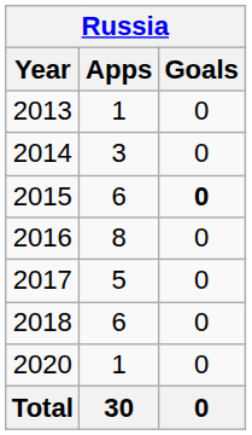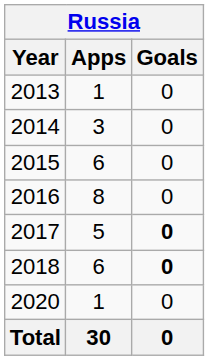 <table class="wikitable" style="text-align:center">
 <tr>
 <th colspan=3><a href='#'>Russia</a></th>
 </tr>
 <tr>
 <th>Year</th>
 <th>Apps</th>
 <th>Goals</th>
 </tr>
 <tr>
 <td>2013</td>
 <td>1</td>
 <td>0</td>
 </tr>
 <tr>
 <td>2014</td>
 <td>3</td>
 <td>0</td>
 </tr>
 <tr>
 <td>2015</td>
 <td>6</td>
-<td><strong>0</strong></td>
+<td>0</td>
 </tr>
 <tr>
 <td>2016</td>
 <td>8</td>
 <td>0</td>
 </tr>
 <tr>
 <td>2017</td>
 <td>5</td>
-<td>0</td>
+<td><strong>0</strong></td>
 </tr>
 <tr>
 <td>2018</td>
 <td>6</td>
-<td>0</td>
+<td><strong>0</strong></td>
 </tr>
 <tr>
 <td>2020</td>
 <td>1</td>
 <td>0</td>
 </tr>
 <tr>
 <th>Total</th>
 <th>30</th>
 <th>0</th>
 </tr>
 </table>
